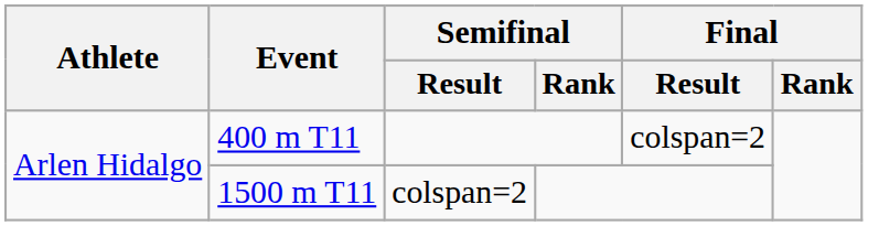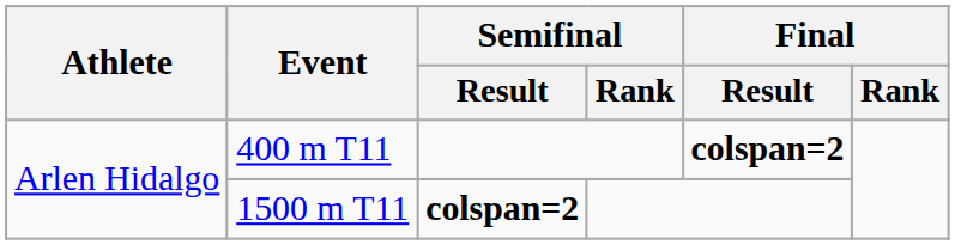 <table class="wikitable" style="font-size:90%">
 <tr>
 <th rowspan="2">Athlete</th>
 <th rowspan="2">Event</th>
 <th colspan="2">Semifinal</th>
 <th colspan="2">Final</th>
 </tr>
 <tr style="font-size:95%">
 <th>Result</th>
 <th>Rank</th>
 <th>Result</th>
 <th>Rank</th>
 </tr>
 <tr align=center>
 <td align=left rowspan=2><a href='#'>Arlen Hidalgo</a></td>
 <td align=left><a href='#'>400 m T11</a></td>
 <td colspan=2></td>
-<td>colspan=2 </td>
+<td><strong>colspan=2 </strong></td>
 </tr>
 <tr align=center>
 <td align=left><a href='#'>1500 m T11</a></td>
-<td>colspan=2 </td>
+<td><strong>colspan=2 </strong></td>
 <td colspan=2></td>
 </tr>
 </table>
